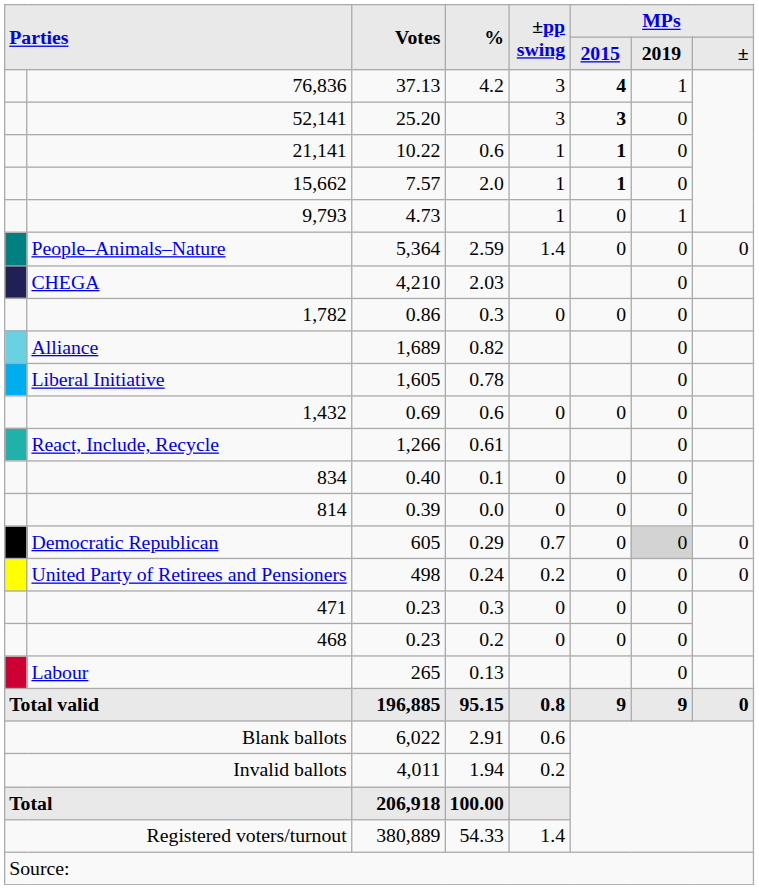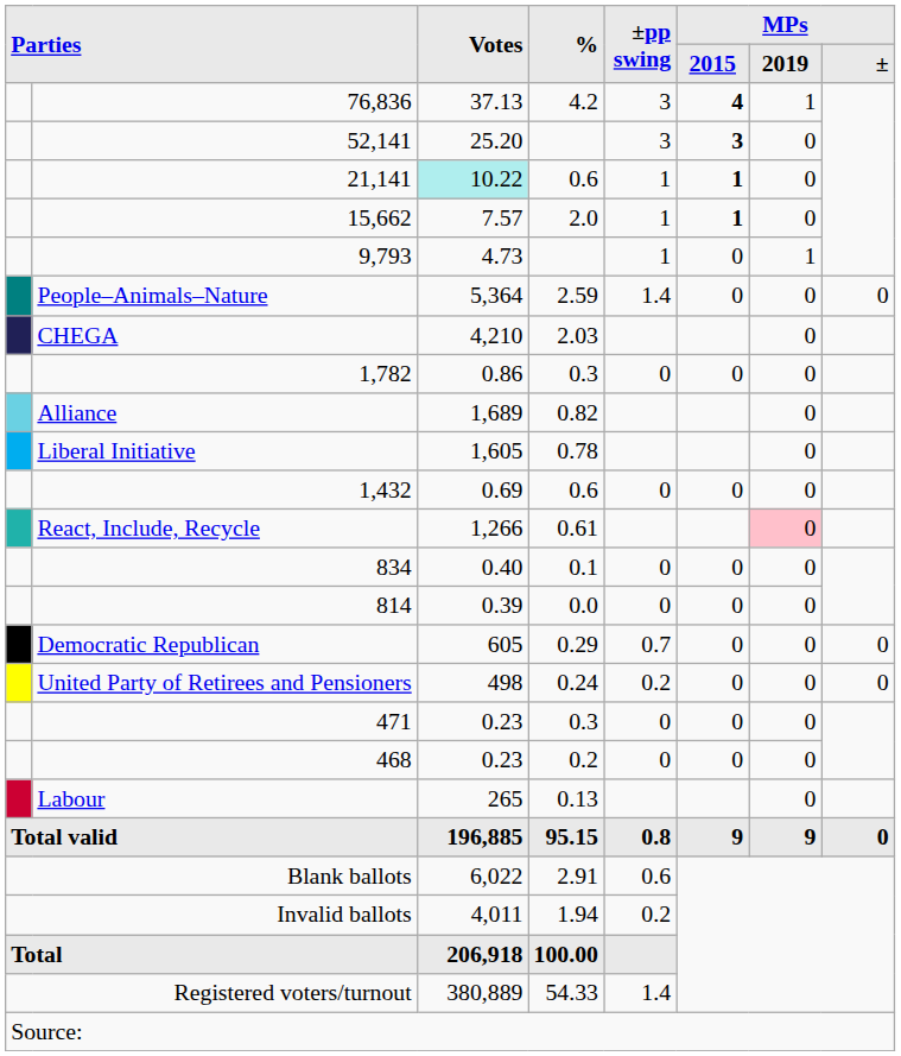 <table class="wikitable" style="text-align:right; font-size:95%;">
 <tr>
 <th rowspan="2" colspan="2" style="background:#e9e9e9; text-align:left;" alignleft><a href='#'>Parties</a></th>
 <th rowspan="2" style="background:#e9e9e9; text-align:right;">Votes</th>
 <th rowspan="2" style="background:#e9e9e9; text-align:right;">%</th>
 <th rowspan="2" style="background:#e9e9e9; text-align:right;">±<a href='#'>pp</a> <a href='#'>swing</a></th>
 <th colspan="3" style="background:#e9e9e9; text-align:center;"><a href='#'>MPs</a></th>
 </tr>
 <tr style="background-color:#E9E9E9">
 <th style="background-color:#E9E9E9;text-align:center;"><a href='#'>2015</a></th>
 <th style="background-color:#E9E9E9;text-align:center;">2019</th>
 <th style="background:#e9e9e9; text-align:right;">±</th>
 </tr>
 <tr>
 <td></td>
 <td>76,836</td>
 <td>37.13</td>
 <td>4.2</td>
 <td>3</td>
 <td><strong>4</strong></td>
 <td>1</td>
 </tr>
 <tr>
 <td></td>
 <td>52,141</td>
 <td>25.20</td>
 <td></td>
 <td>3</td>
 <td><strong>3</strong></td>
 <td>0</td>
 </tr>
 <tr>
 <td></td>
 <td>21,141</td>
-<td>10.22</td>
+<td style="background: paleturquoise;">10.22</td>
 <td>0.6</td>
 <td>1</td>
 <td><strong>1</strong></td>
 <td>0</td>
 </tr>
 <tr>
 <td></td>
 <td>15,662</td>
 <td>7.57</td>
 <td>2.0</td>
 <td>1</td>
 <td><strong>1</strong></td>
 <td>0</td>
 </tr>
 <tr>
 <td></td>
 <td>9,793</td>
 <td>4.73</td>
 <td></td>
 <td>1</td>
 <td>0</td>
 <td>1</td>
 </tr>
 <tr>
 <td style="width: 10px" bgcolor="teal" align="center"></td>
 <td align="left"><a href='#'>People–Animals–Nature</a></td>
 <td>5,364</td>
 <td>2.59</td>
 <td>1.4</td>
 <td>0</td>
 <td>0</td>
 <td>0</td>
 </tr>
 <tr>
 <td style="width: 10px" bgcolor="#202056" align="center"></td>
 <td align="left"><a href='#'>CHEGA</a></td>
 <td>4,210</td>
 <td>2.03</td>
 <td></td>
 <td></td>
 <td>0</td>
 <td></td>
 </tr>
 <tr>
 <td></td>
 <td>1,782</td>
 <td>0.86</td>
 <td>0.3</td>
 <td>0</td>
 <td>0</td>
 <td>0</td>
 </tr>
 <tr>
 <td style="width: 10px" bgcolor="#6AD1E3" align="center"></td>
 <td align="left"><a href='#'>Alliance</a></td>
 <td>1,689</td>
 <td>0.82</td>
 <td></td>
 <td></td>
 <td>0</td>
 <td></td>
 </tr>
 <tr>
 <td style="width: 10px" bgcolor="#00ADEF" align="center"></td>
 <td align="left"><a href='#'>Liberal Initiative</a></td>
 <td>1,605</td>
 <td>0.78</td>
 <td></td>
 <td></td>
 <td>0</td>
 <td></td>
 </tr>
 <tr>
 <td></td>
 <td>1,432</td>
 <td>0.69</td>
 <td>0.6</td>
 <td>0</td>
 <td>0</td>
 <td>0</td>
 </tr>
 <tr>
 <td style="width: 10px" bgcolor=LightSeaGreen align="center"></td>
 <td align=left><a href='#'>React, Include, Recycle</a></td>
 <td>1,266</td>
 <td>0.61</td>
 <td></td>
 <td></td>
-<td>0</td>
+<td style="background: pink;">0</td>
 <td></td>
 </tr>
 <tr>
 <td></td>
 <td>834</td>
 <td>0.40</td>
 <td>0.1</td>
 <td>0</td>
 <td>0</td>
 <td>0</td>
 </tr>
 <tr>
 <td></td>
 <td>814</td>
 <td>0.39</td>
 <td>0.0</td>
 <td>0</td>
 <td>0</td>
 <td>0</td>
 </tr>
 <tr>
 <td style="width: 10px" bgcolor=black align="center"></td>
 <td align=left><a href='#'>Democratic Republican</a></td>
 <td>605</td>
 <td>0.29</td>
 <td>0.7</td>
 <td>0</td>
-<td style="background: lightgrey;">0</td>
+<td>0</td>
 <td>0</td>
 </tr>
 <tr>
 <td style="width: 10px" bgcolor=yellow align="center"></td>
 <td align=left><a href='#'>United Party of Retirees and Pensioners</a></td>
 <td>498</td>
 <td>0.24</td>
 <td>0.2</td>
 <td>0</td>
 <td>0</td>
 <td>0</td>
 </tr>
 <tr>
 <td></td>
 <td>471</td>
 <td>0.23</td>
 <td>0.3</td>
 <td>0</td>
 <td>0</td>
 <td>0</td>
 </tr>
 <tr>
 <td></td>
 <td>468</td>
 <td>0.23</td>
 <td>0.2</td>
 <td>0</td>
 <td>0</td>
 <td>0</td>
 </tr>
 <tr>
 <td style="width: 10px" bgcolor=#CC0033 align="center"></td>
 <td align=left><a href='#'>Labour</a></td>
 <td>265</td>
 <td>0.13</td>
 <td></td>
 <td></td>
 <td>0</td>
 <td></td>
 </tr>
 <tr>
 <td colspan=2 align=left style="background-color:#E9E9E9"><strong>Total valid</strong></td>
 <td width="65" align="right" style="background-color:#E9E9E9"><strong>196,885</strong></td>
 <td width="40" align="right" style="background-color:#E9E9E9"><strong>95.15</strong></td>
 <td width="40" align="right" style="background-color:#E9E9E9"><strong>0.8</strong></td>
 <td width="40" align="right" style="background-color:#E9E9E9"><strong>9</strong></td>
 <td width="40" align="right" style="background-color:#E9E9E9"><strong>9</strong></td>
 <td width="40" align="right" style="background-color:#E9E9E9"><strong>0</strong></td>
 </tr>
 <tr>
 <td colspan=2>Blank ballots</td>
 <td>6,022</td>
 <td>2.91</td>
 <td>0.6</td>
 <td colspan=4 rowspan=4></td>
 </tr>
 <tr>
 <td colspan=2>Invalid ballots</td>
 <td>4,011</td>
 <td>1.94</td>
 <td>0.2</td>
 </tr>
 <tr>
 <td colspan=2 width="259" align=left style="background-color:#E9E9E9"><strong>Total</strong></td>
 <td width="50" align="right" style="background-color:#E9E9E9"><strong>206,918</strong></td>
 <td width="40" align="right" style="background-color:#E9E9E9"><strong>100.00</strong></td>
 <td width="40" align="right" style="background-color:#E9E9E9"></td>
 </tr>
 <tr>
 <td colspan=2>Registered voters/turnout</td>
 <td>380,889</td>
 <td>54.33</td>
 <td>1.4</td>
 </tr>
 <tr>
 <td colspan=11 align=left>Source: </td>
 </tr>
 </table>
